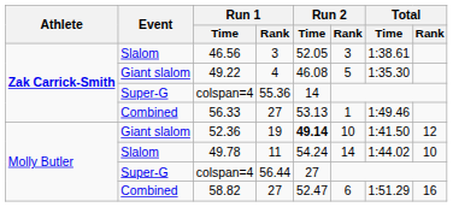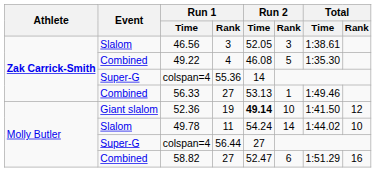 <table class="wikitable" style="font-size:90%">
 <tr>
 <th rowspan=2>Athlete</th>
 <th rowspan=2>Event</th>
 <th colspan=2>Run 1</th>
 <th colspan=2>Run 2</th>
 <th colspan=2>Total</th>
 </tr>
 <tr style="font-size:95%">
 <th>Time</th>
 <th>Rank</th>
 <th>Time</th>
 <th>Rank</th>
 <th>Time</th>
 <th>Rank</th>
 </tr>
 <tr align=center>
 <td align="left" rowspan=4><strong><a href='#'>Zak Carrick-Smith</a></strong></td>
 <td align="left"><a href='#'>Slalom</a></td>
 <td>46.56</td>
 <td>3</td>
 <td>52.05</td>
 <td>3</td>
 <td>1:38.61</td>
 <td></td>
 </tr>
 <tr align=center>
-<td align="left"><a href='#'>Giant slalom</a></td>
+<td align="left"><a href='#'>Combined</a></td>
 <td>49.22</td>
 <td>4</td>
 <td>46.08</td>
 <td>5</td>
 <td>1:35.30</td>
 <td></td>
 </tr>
 <tr align=center>
 <td align="left"><a href='#'>Super-G</a></td>
 <td>colspan=4 </td>
 <td>55.36</td>
 <td>14</td>
 </tr>
 <tr align=center>
 <td align="left"><a href='#'>Combined</a></td>
 <td>56.33</td>
 <td>27</td>
 <td>53.13</td>
 <td>1</td>
 <td>1:49.46</td>
 <td></td>
 </tr>
 <tr align=center>
 <td align="left" rowspan=4><a href='#'>Molly Butler</a></td>
 <td align="left"><a href='#'>Giant slalom</a></td>
 <td>52.36</td>
 <td>19</td>
 <td><strong>49.14</strong></td>
 <td>10</td>
 <td>1:41.50</td>
 <td>12</td>
 </tr>
 <tr align=center>
 <td align="left"><a href='#'>Slalom</a></td>
 <td>49.78</td>
 <td>11</td>
 <td>54.24</td>
 <td>14</td>
 <td>1:44.02</td>
 <td>10</td>
 </tr>
 <tr align=center>
 <td align="left"><a href='#'>Super-G</a></td>
 <td>colspan=4 </td>
 <td>56.44</td>
 <td>27</td>
 </tr>
 <tr align=center>
 <td align="left"><a href='#'>Combined</a></td>
 <td>58.82</td>
 <td>27</td>
 <td>52.47</td>
 <td>6</td>
 <td>1:51.29</td>
 <td>16</td>
 </tr>
 </table>
